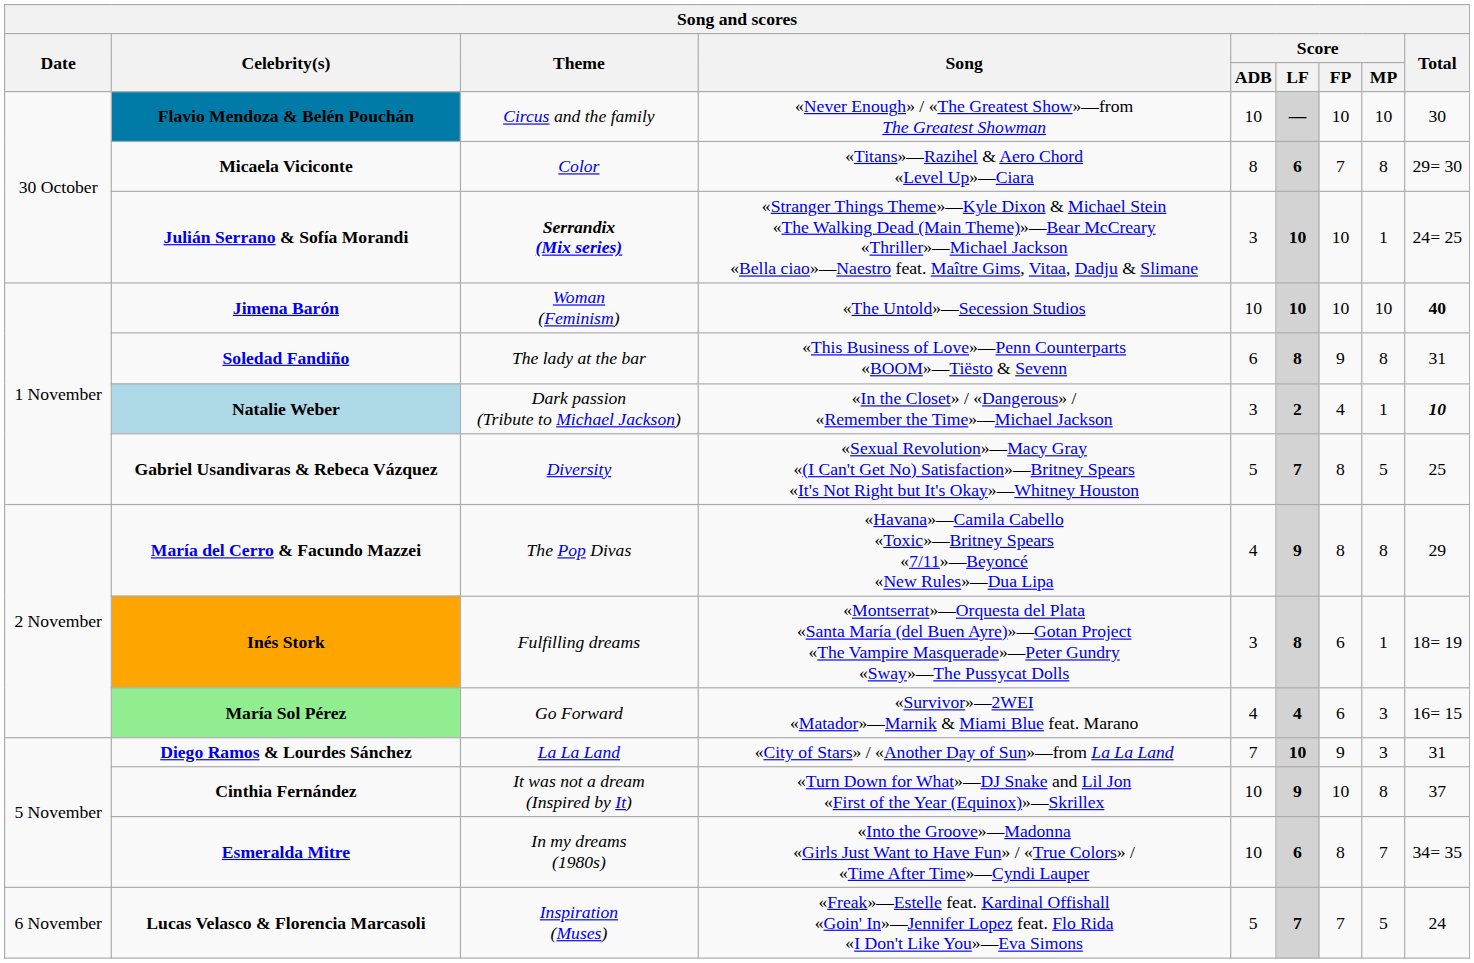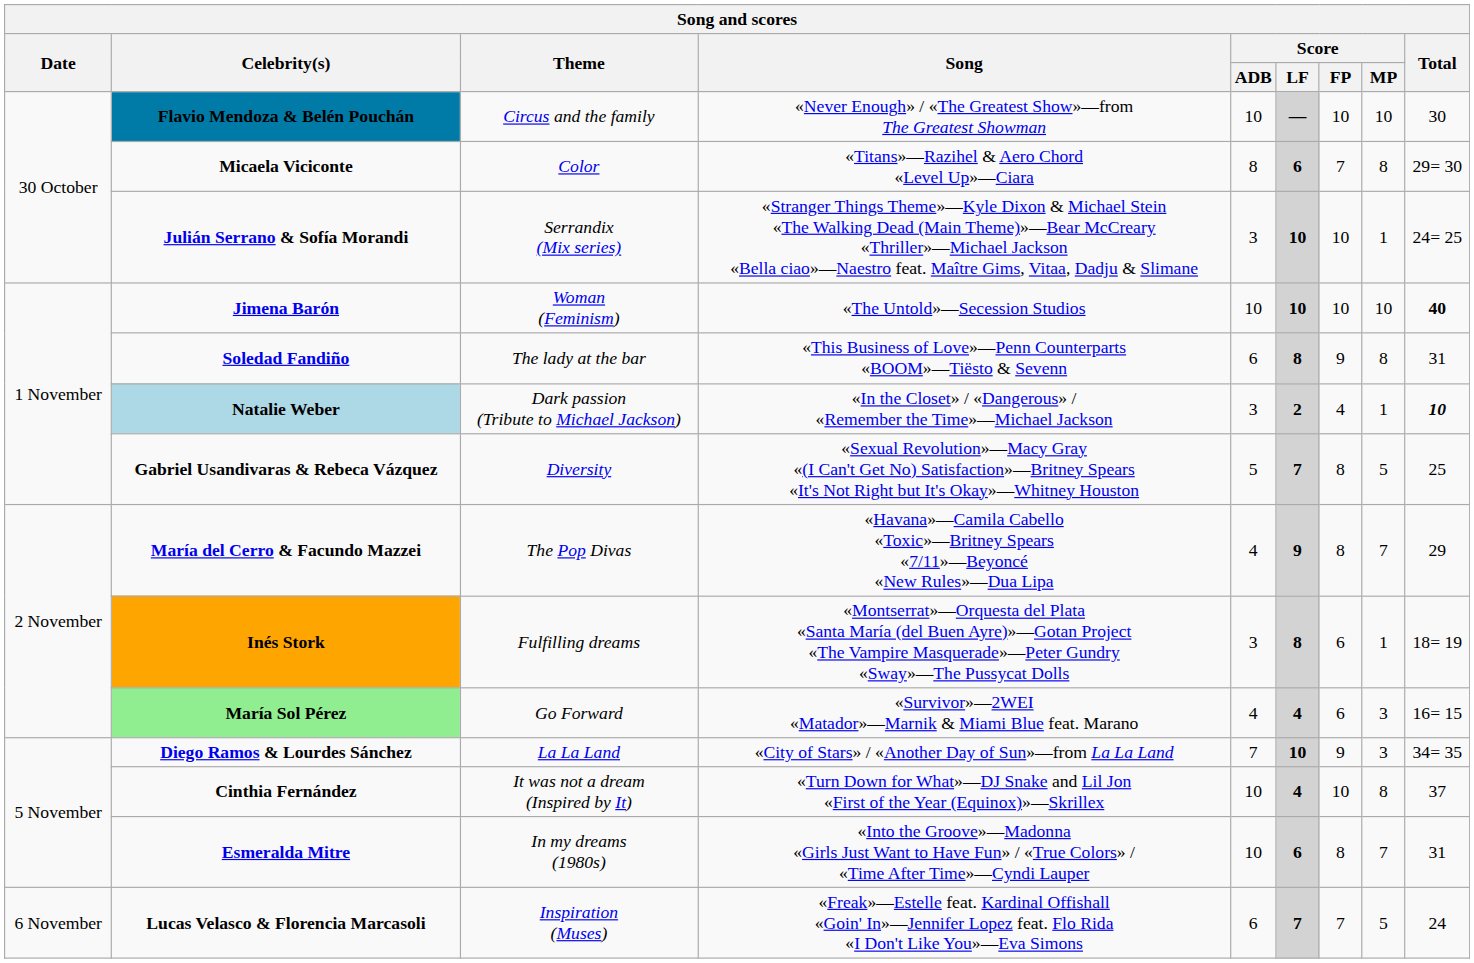 <table class="wikitable collapsible collapsed" style="font-size:95%; text-align: center; width: 100%;">
 <tr>
 <th colspan="11" style="with: 100%;" align=center>Song and scores</th>
 </tr>
 <tr>
 <th rowspan="2">Date</th>
 <th rowspan="2">Celebrity(s)</th>
 <th rowspan="2">Theme</th>
 <th rowspan="2">Song</th>
 <th colspan="4">Score</th>
 <th rowspan="2">Total</th>
 </tr>
 <tr>
 <th width=30>ADB</th>
 <th width=30>LF</th>
 <th width=30>FP</th>
 <th width=30>MP</th>
 </tr>
 <tr>
 <td rowspan="3">30 October</td>
 <td bgcolor="#007BA7"><strong>Flavio Mendoza & Belén Pouchán</strong></td>
 <td><em><a href='#'>Circus</a> and the family</em></td>
 <td>«<a href='#'>Never Enough</a>» / «<a href='#'>The Greatest Show</a>»—from<br> <em><a href='#'>The Greatest Showman</a></em></td>
 <td>10</td>
 <td bgcolor="lightgrey"><strong>—</strong></td>
 <td>10</td>
 <td>10</td>
 <td>30</td>
 </tr>
 <tr>
 <td bgcolor=""><strong>Micaela Viciconte</strong></td>
 <td><em><a href='#'>Color</a></em></td>
 <td>«<a href='#'>Titans</a>»—<a href='#'>Razihel</a> & <a href='#'>Aero Chord</a><br>«<a href='#'>Level Up</a>»—<a href='#'>Ciara</a></td>
 <td>8</td>
 <td bgcolor="lightgrey"><strong>6</strong></td>
 <td>7</td>
 <td>8</td>
 <td>29= 30</td>
 </tr>
 <tr>
 <td bgcolor=""><strong><a href='#'>Julián Serrano</a> & Sofía Morandi</strong></td>
-<td><strong><em>Serrandix<br><a href='#'>(Mix series)</a></em></strong></td>
+<td><em>Serrandix<br><a href='#'>(Mix series)</a></em></td>
 <td>«<a href='#'>Stranger Things Theme</a>»—<a href='#'>Kyle Dixon</a> & <a href='#'>Michael Stein</a><br>«<a href='#'>The Walking Dead (Main Theme)</a>»—<a href='#'>Bear McCreary</a><br>«<a href='#'>Thriller</a>»—<a href='#'>Michael Jackson</a><br>«<a href='#'>Bella ciao</a>»—<a href='#'>Naestro</a> feat. <a href='#'>Maître Gims</a>, <a href='#'>Vitaa</a>, <a href='#'>Dadju</a> & <a href='#'>Slimane</a></td>
 <td>3</td>
 <td bgcolor="lightgrey"><strong>10</strong></td>
 <td>10</td>
 <td>1</td>
 <td>24= 25</td>
 </tr>
 <tr>
 <td rowspan="4">1 November</td>
 <td bgcolor=""><strong><a href='#'>Jimena Barón</a></strong></td>
 <td><em><a href='#'>Woman</a><br>(<a href='#'>Feminism</a>)</em></td>
 <td>«<a href='#'>The Untold</a>»—<a href='#'>Secession Studios</a></td>
 <td>10</td>
 <td bgcolor="lightgrey"><strong>10</strong></td>
 <td>10</td>
 <td>10</td>
 <td><span><strong>40</strong></span></td>
 </tr>
 <tr>
 <td bgcolor=""><strong><a href='#'>Soledad Fandiño</a></strong></td>
 <td><em>The lady at the bar</em></td>
 <td>«<a href='#'>This Business of Love</a>»—<a href='#'>Penn Counterparts</a><br>«<a href='#'>BOOM</a>»—<a href='#'>Tiësto</a> & <a href='#'>Sevenn</a></td>
 <td>6</td>
 <td bgcolor="lightgrey"><strong>8</strong></td>
 <td>9</td>
 <td>8</td>
 <td>31</td>
 </tr>
 <tr>
 <td bgcolor="lightblue"><strong>Natalie Weber</strong></td>
 <td><em>Dark passion<br>(Tribute to <a href='#'>Michael Jackson</a>)</em></td>
 <td>«<a href='#'>In the Closet</a>» / «<a href='#'>Dangerous</a>» / <br>«<a href='#'>Remember the Time</a>»—<a href='#'>Michael Jackson</a></td>
 <td>3</td>
 <td bgcolor="lightgrey"><strong>2</strong></td>
 <td>4</td>
 <td>1</td>
 <td><span><strong><em>10</em></strong></span></td>
 </tr>
 <tr>
 <td bgcolor=""><strong>Gabriel Usandivaras & Rebeca Vázquez</strong></td>
 <td><em><a href='#'>Diversity</a></em></td>
 <td>«<a href='#'>Sexual Revolution</a>»—<a href='#'>Macy Gray</a><br>«<a href='#'>(I Can't Get No) Satisfaction</a>»—<a href='#'>Britney Spears</a><br>«<a href='#'>It's Not Right but It's Okay</a>»—<a href='#'>Whitney Houston</a></td>
 <td>5</td>
 <td bgcolor="lightgrey"><strong>7</strong></td>
 <td>8</td>
 <td>5</td>
 <td>25</td>
 </tr>
 <tr>
 <td rowspan="3">2 November</td>
 <td bgcolor=""><strong><a href='#'>María del Cerro</a> & Facundo Mazzei</strong></td>
 <td><em>The <a href='#'>Pop</a> Divas</em></td>
 <td>«<a href='#'>Havana</a>»—<a href='#'>Camila Cabello</a><br>«<a href='#'>Toxic</a>»—<a href='#'>Britney Spears</a><br>«<a href='#'>7/11</a>»—<a href='#'>Beyoncé</a><br>«<a href='#'>New Rules</a>»—<a href='#'>Dua Lipa</a></td>
 <td>4</td>
 <td bgcolor="lightgrey"><strong>9</strong></td>
 <td>8</td>
-<td>8</td>
+<td>7</td>
 <td>29</td>
 </tr>
 <tr>
 <td bgcolor="orange"><strong>Inés Stork</strong></td>
 <td><em>Fulfilling dreams</em></td>
 <td>«<a href='#'>Montserrat</a>»—<a href='#'>Orquesta del Plata</a><br>«<a href='#'>Santa María (del Buen Ayre)</a>»—<a href='#'>Gotan Project</a><br>«<a href='#'>The Vampire Masquerade</a>»—<a href='#'>Peter Gundry</a><br>«<a href='#'>Sway</a>»—<a href='#'>The Pussycat Dolls</a></td>
 <td>3</td>
 <td bgcolor="lightgrey"><strong>8</strong></td>
 <td>6</td>
 <td>1</td>
 <td>18= 19</td>
 </tr>
 <tr>
 <td bgcolor="lightgreen"><strong>María Sol Pérez</strong></td>
 <td><em>Go Forward</em></td>
 <td>«<a href='#'>Survivor</a>»—<a href='#'>2WEI</a><br>«<a href='#'>Matador</a>»—<a href='#'>Marnik</a> & <a href='#'>Miami Blue</a> feat. Marano</td>
 <td>4</td>
 <td bgcolor="lightgrey"><strong>4</strong></td>
 <td>6</td>
 <td>3</td>
 <td>16= 15</td>
 </tr>
 <tr>
 <td rowspan="3">5 November</td>
 <td bgcolor=""><strong><a href='#'>Diego Ramos</a> & Lourdes Sánchez</strong></td>
 <td><em><a href='#'>La La Land</a></em></td>
 <td>«<a href='#'>City of Stars</a>» / «<a href='#'>Another Day of Sun</a>»—from <em><a href='#'>La La Land</a></em></td>
 <td>7</td>
 <td bgcolor="lightgrey"><strong>10</strong></td>
 <td>9</td>
 <td>3</td>
-<td>31</td>
+<td>34= 35</td>
 </tr>
 <tr>
 <td bgcolor=""><strong>Cinthia Fernández</strong></td>
 <td><em>It was not a dream<br>(Inspired by <a href='#'>It</a>)</em></td>
 <td>«<a href='#'>Turn Down for What</a>»—<a href='#'>DJ Snake</a> and <a href='#'>Lil Jon</a><br>«<a href='#'>First of the Year (Equinox)</a>»—<a href='#'>Skrillex</a></td>
 <td>10</td>
-<td bgcolor="lightgrey"><strong>9</strong></td>
+<td bgcolor="lightgrey"><strong>4</strong></td>
 <td>10</td>
 <td>8</td>
 <td>37</td>
 </tr>
 <tr>
 <td bgcolor=""><strong><a href='#'>Esmeralda Mitre</a></strong></td>
 <td><em>In my dreams<br>(1980s)</em></td>
 <td>«<a href='#'>Into the Groove</a>»—<a href='#'>Madonna</a><br>«<a href='#'>Girls Just Want to Have Fun</a>» / «<a href='#'>True Colors</a>» / <br>«<a href='#'>Time After Time</a>»—<a href='#'>Cyndi Lauper</a></td>
 <td>10</td>
 <td bgcolor="lightgrey"><strong>6</strong></td>
 <td>8</td>
 <td>7</td>
-<td>34= 35</td>
+<td>31</td>
 </tr>
 <tr>
 <td rowspan="1">6 November</td>
 <td bgcolor=""><strong>Lucas Velasco & Florencia Marcasoli</strong></td>
 <td><em><a href='#'>Inspiration</a><br>(<a href='#'>Muses</a>)</em></td>
 <td>«<a href='#'>Freak</a>»—<a href='#'>Estelle</a> feat. <a href='#'>Kardinal Offishall</a><br>«<a href='#'>Goin' In</a>»—<a href='#'>Jennifer Lopez</a> feat. <a href='#'>Flo Rida</a><br>«<a href='#'>I Don't Like You</a>»—<a href='#'>Eva Simons</a></td>
-<td>5</td>
+<td>6</td>
 <td bgcolor="lightgrey"><strong>7</strong></td>
 <td>7</td>
 <td>5</td>
 <td>24</td>
 </tr>
 </table>
